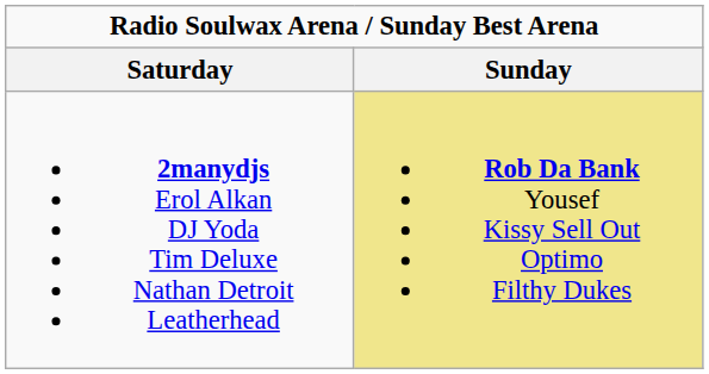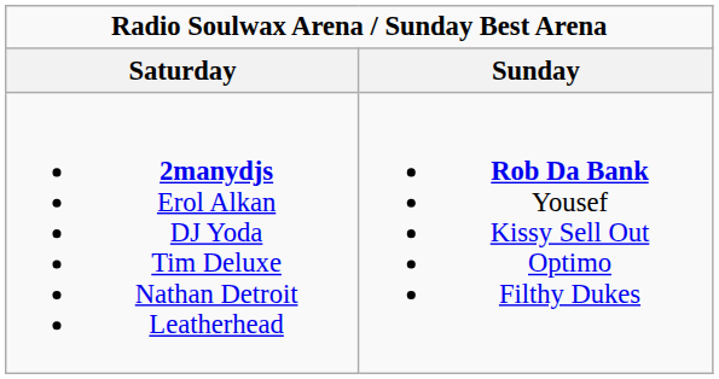 <table class="wikitable">
 <tr>
 <td colspan="2" align="center"><strong>Radio Soulwax Arena / Sunday Best Arena</strong></td>
 </tr>
 <tr>
 <th>Saturday</th>
 <th>Sunday</th>
 </tr>
 <tr>
 <td valign="top" align="center" width=200><br><ul><li><strong><a href='#'>2manydjs</a></strong></li><li><a href='#'>Erol Alkan</a></li><li><a href='#'>DJ Yoda</a></li><li><a href='#'>Tim Deluxe</a></li><li><a href='#'>Nathan Detroit</a></li><li><a href='#'>Leatherhead</a></li></ul></td>
-<td valign="top" align="center" width=200 style="background: khaki;"><br><ul><li><strong><a href='#'>Rob Da Bank</a></strong></li><li>Yousef</li><li><a href='#'>Kissy Sell Out</a></li><li><a href='#'>Optimo</a></li><li><a href='#'>Filthy Dukes</a></li></ul></td>
+<td valign="top" align="center" width=200><br><ul><li><strong><a href='#'>Rob Da Bank</a></strong></li><li>Yousef</li><li><a href='#'>Kissy Sell Out</a></li><li><a href='#'>Optimo</a></li><li><a href='#'>Filthy Dukes</a></li></ul></td>
 </tr>
 </table>
